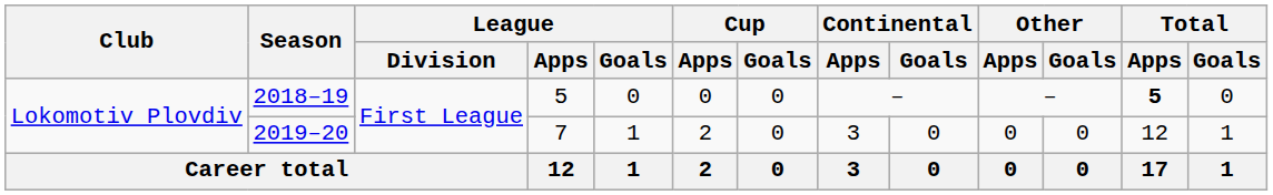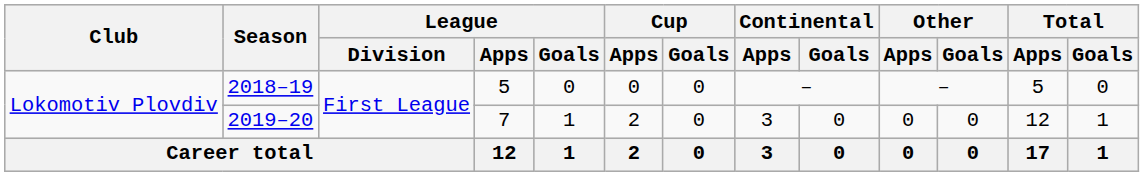 <table class="wikitable" style="text-align:center">
 <tr>
 <th rowspan="2">Club</th>
 <th rowspan="2">Season</th>
 <th colspan="3">League</th>
 <th colspan="2">Cup</th>
 <th colspan="2">Continental</th>
 <th colspan="2">Other</th>
 <th colspan="2">Total</th>
 </tr>
 <tr>
 <th>Division</th>
 <th>Apps</th>
 <th>Goals</th>
 <th>Apps</th>
 <th>Goals</th>
 <th>Apps</th>
 <th>Goals</th>
 <th>Apps</th>
 <th>Goals</th>
 <th>Apps</th>
 <th>Goals</th>
 </tr>
 <tr>
 <td rowspan="2"><a href='#'>Lokomotiv Plovdiv</a></td>
 <td><a href='#'>2018–19</a></td>
 <td rowspan="2"><a href='#'>First League</a></td>
 <td>5</td>
 <td>0</td>
 <td>0</td>
 <td>0</td>
 <td colspan="2">–</td>
 <td colspan="2">–</td>
-<td><strong>5</strong></td>
+<td>5</td>
 <td>0</td>
 </tr>
 <tr>
 <td><a href='#'>2019–20</a></td>
 <td>7</td>
 <td>1</td>
 <td>2</td>
 <td>0</td>
 <td>3</td>
 <td>0</td>
 <td>0</td>
 <td>0</td>
 <td>12</td>
 <td>1</td>
 </tr>
 <tr>
 <th colspan="3">Career total</th>
 <th>12</th>
 <th>1</th>
 <th>2</th>
 <th>0</th>
 <th>3</th>
 <th>0</th>
 <th>0</th>
 <th>0</th>
 <th>17</th>
 <th>1</th>
 </tr>
 </table>
